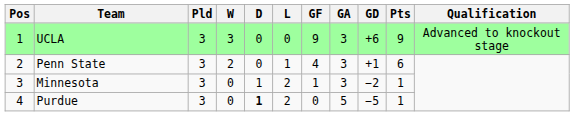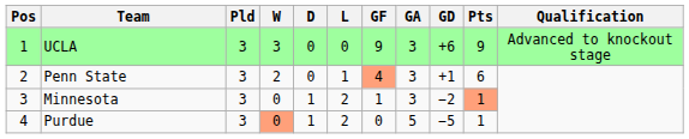 <table class="wikitable" style="text-align:center; margin: 1em auto">
 <tr>
 <th style=width:2em>Pos</th>
 <th style=width:13em>Team</th>
 <th style=width:2em>Pld</th>
 <th style=width:2em>W</th>
 <th style=width:2em>D</th>
 <th style=width:2em>L</th>
 <th style=width:2em>GF</th>
 <th style=width:2em>GA</th>
 <th style=width:2em>GD</th>
 <th style=width:2em>Pts</th>
 <th style=width:13em>Qualification</th>
 </tr>
 <tr bgcolor="#9eff9e">
 <td>1</td>
 <td style="text-align:left">UCLA</td>
 <td>3</td>
 <td>3</td>
 <td>0</td>
 <td>0</td>
 <td>9</td>
 <td>3</td>
 <td>+6</td>
 <td>9</td>
 <td>Advanced to knockout stage</td>
 </tr>
 <tr>
 <td>2</td>
 <td style="text-align:left">Penn State</td>
 <td>3</td>
 <td>2</td>
 <td>0</td>
 <td>1</td>
-<td>4</td>
+<td style="background: lightsalmon;">4</td>
 <td>3</td>
 <td>+1</td>
 <td>6</td>
 </tr>
 <tr>
 <td>3</td>
 <td style="text-align:left">Minnesota</td>
 <td>3</td>
 <td>0</td>
 <td>1</td>
 <td>2</td>
 <td>1</td>
 <td>3</td>
 <td>−2</td>
-<td>1</td>
+<td style="background: lightsalmon;">1</td>
 </tr>
 <tr>
 <td>4</td>
 <td style="text-align:left">Purdue</td>
 <td>3</td>
-<td>0</td>
-<td><strong>1</strong></td>
+<td style="background: lightsalmon;">0</td>
+<td>1</td>
 <td>2</td>
 <td>0</td>
 <td>5</td>
 <td>−5</td>
 <td>1</td>
 </tr>
 </table>
